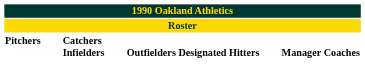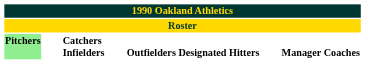 <table class="toccolours" style="font-size: 95%;">
 <tr>
 <th colspan="10" style="background-color: #003831; color: #FFD800; text-align: center;">1990 Oakland Athletics</th>
 </tr>
 <tr>
 <td colspan="10" style="background-color: #FFD800; color: #003831; text-align: center;"><strong>Roster</strong></td>
 </tr>
 <tr>
-<td valign="top"><strong>Pitchers</strong><br>              </td>
+<td valign="top" style="background: lightgreen;"><strong>Pitchers</strong><br>              </td>
 <td width="25px"></td>
 <td valign="top"><strong>Catchers</strong><br>    <strong>Infielders</strong>         </td>
 <td width="25px"></td>
 <td valign="top"><br><strong>Outfielders</strong>            <strong>Designated Hitters</strong> </td>
 <td width="25px"></td>
 <td valign="top"><br><strong>Manager</strong>  <strong>Coaches</strong>      </td>
 </tr>
 </table>
